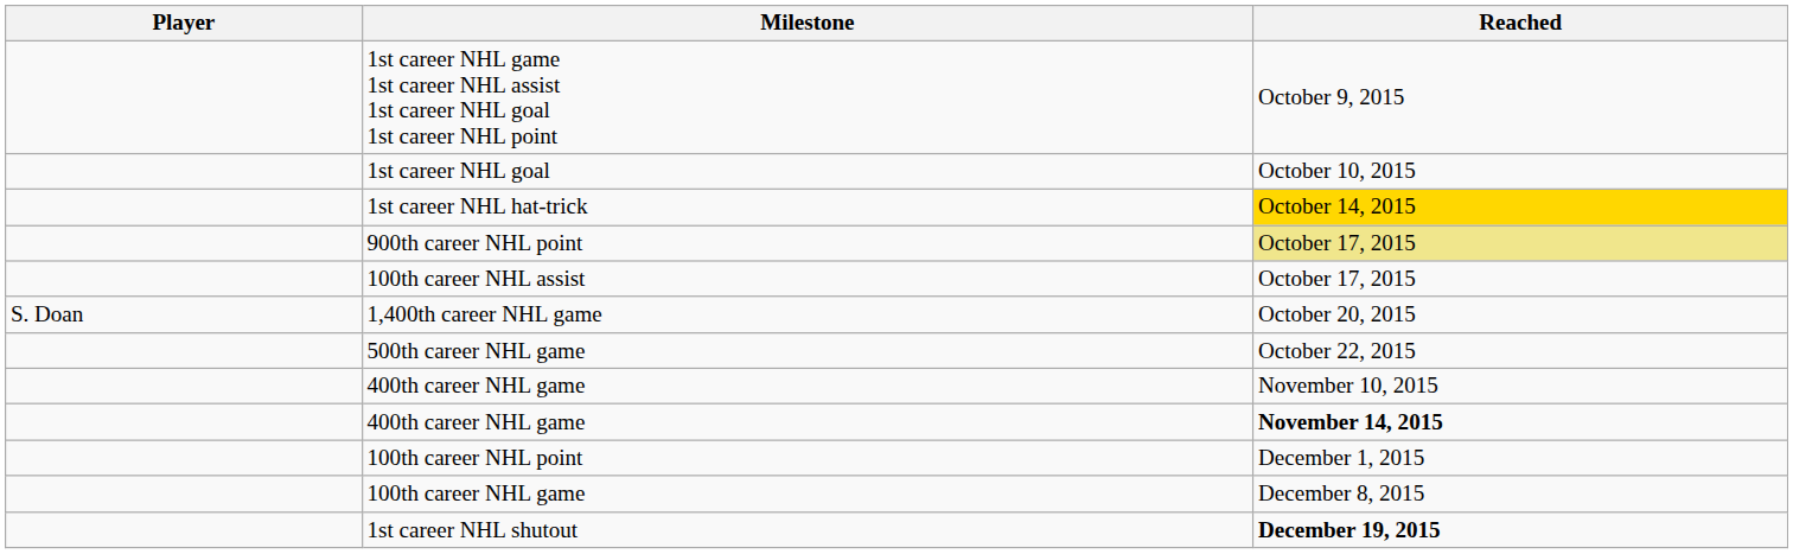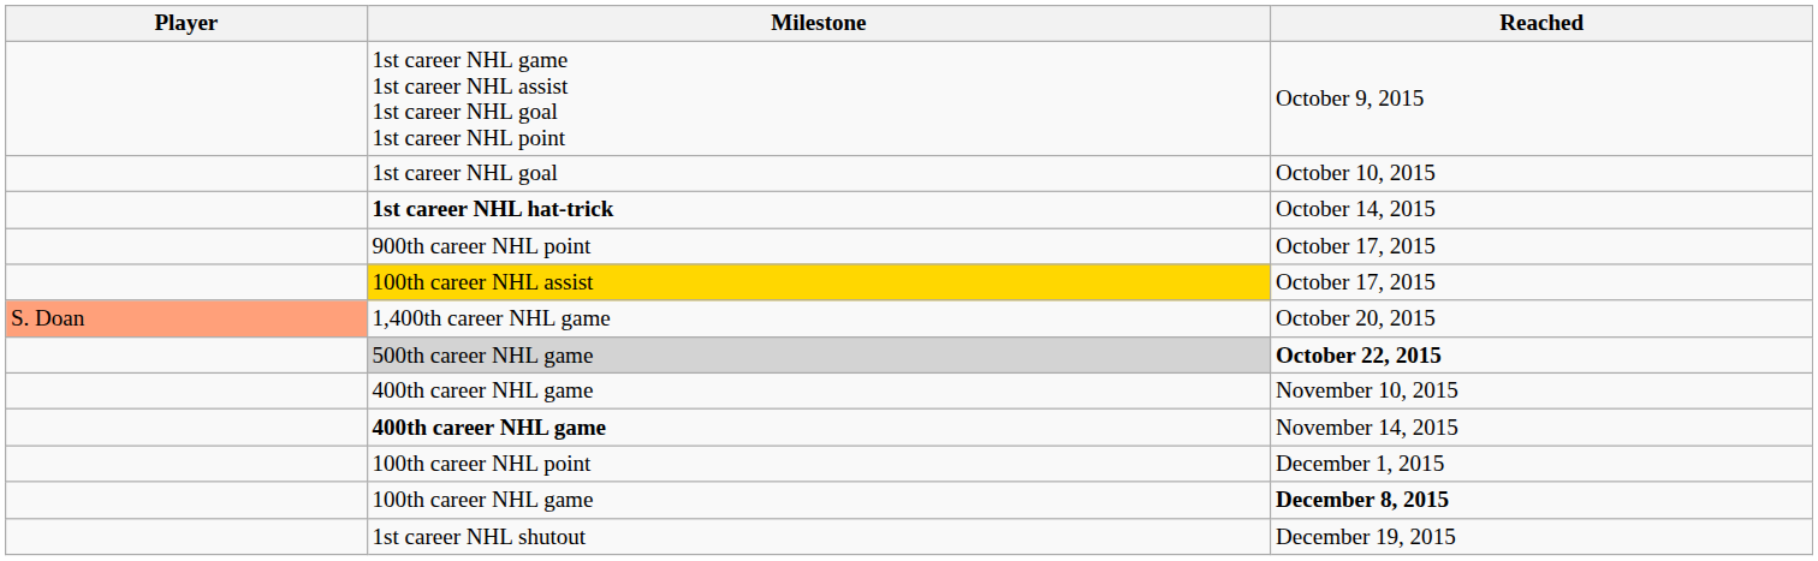 <table class="wikitable sortable" style="width:100%;">
 <tr align=center>
 <th style="width:20%;">Player</th>
 <th style="width:50%;">Milestone</th>
 <th style="width:30%;" data-sort-type="date">Reached</th>
 </tr>
 <tr>
 <td></td>
 <td>1st career NHL game<br>1st career NHL assist<br>1st career NHL goal<br>1st career NHL point</td>
 <td>October 9, 2015</td>
 </tr>
 <tr>
 <td></td>
 <td>1st career NHL goal</td>
 <td>October 10, 2015</td>
 </tr>
 <tr>
 <td></td>
-<td>1st career NHL hat-trick</td>
-<td style="background: gold;">October 14, 2015</td>
+<td><strong>1st career NHL hat-trick</strong></td>
+<td>October 14, 2015</td>
 </tr>
 <tr>
 <td></td>
 <td>900th career NHL point</td>
-<td style="background: khaki;">October 17, 2015</td>
+<td>October 17, 2015</td>
 </tr>
 <tr>
 <td></td>
-<td>100th career NHL assist</td>
+<td style="background: gold;">100th career NHL assist</td>
 <td>October 17, 2015</td>
 </tr>
 <tr>
-<td>S. Doan</td>
+<td style="background: lightsalmon;">S. Doan</td>
 <td>1,400th career NHL game</td>
 <td>October 20, 2015</td>
 </tr>
 <tr>
 <td></td>
-<td>500th career NHL game</td>
-<td>October 22, 2015</td>
+<td style="background: lightgrey;">500th career NHL game</td>
+<td><strong>October 22, 2015</strong></td>
 </tr>
 <tr>
 <td></td>
 <td>400th career NHL game</td>
 <td>November 10, 2015</td>
 </tr>
 <tr>
 <td></td>
-<td>400th career NHL game</td>
-<td><strong>November 14, 2015</strong></td>
+<td><strong>400th career NHL game</strong></td>
+<td>November 14, 2015</td>
 </tr>
 <tr>
 <td></td>
 <td>100th career NHL point</td>
 <td>December 1, 2015</td>
 </tr>
 <tr>
 <td></td>
 <td>100th career NHL game</td>
-<td>December 8, 2015</td>
+<td><strong>December 8, 2015</strong></td>
 </tr>
 <tr>
 <td></td>
 <td>1st career NHL shutout</td>
-<td><strong>December 19, 2015</strong></td>
+<td>December 19, 2015</td>
 </tr>
 </table>
